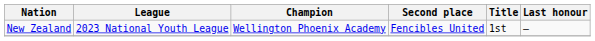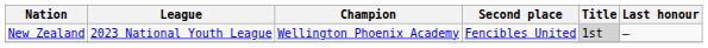 <table class="wikitable sortable">
 <tr>
 <th>Nation</th>
 <th>League</th>
 <th>Champion</th>
 <th>Second place</th>
 <th data-sort-type="number">Title</th>
 <th>Last honour</th>
 </tr>
 <tr>
 <td> <a href='#'>New Zealand</a></td>
 <td><a href='#'>2023 National Youth League</a></td>
 <td><a href='#'>Wellington Phoenix Academy</a></td>
 <td><a href='#'>Fencibles United</a></td>
-<td>1st</td>
+<td style="background: lightgrey;">1st</td>
 <td>—</td>
 </tr>
 <tr>
 </tr>
 </table>
